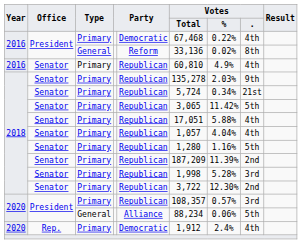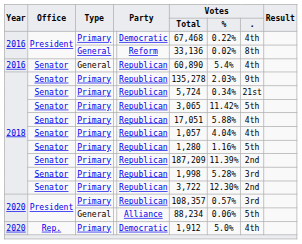 <table class="wikitable" style="font-size:90%; text-align:center;">
 <tr>
 <th style="background-color:#EAECF0;" rowspan=2>Year</th>
 <th style="background-color:#EAECF0;" rowspan=2>Office</th>
 <th style="background-color:#EAECF0;" rowspan=2>Type</th>
 <th style="background-color:#EAECF0;" colspan=2 rowspan=2>Party</th>
 <th style="background-color:#EAECF0;" colspan=3>Votes</th>
 <th style="background-color:#EAECF0;" rowspan=2>Result</th>
 </tr>
 <tr>
 <th style="background-color:#EAECF0;">Total</th>
 <th style="background-color:#EAECF0;">%</th>
 <th style="background-color:#EAECF0;">.</th>
 </tr>
 <tr>
 <td style="background-color:#EAECF0;" rowspan=2><a href='#'>2016</a></td>
 <td rowspan=2><a href='#'>President</a></td>
 <td><a href='#'>Primary</a></td>
 <td style="background-color:"></td>
 <td><a href='#'>Democratic</a></td>
 <td>67,468</td>
 <td>0.22%</td>
 <td>4th</td>
 <td></td>
 </tr>
 <tr>
 <td><a href='#'>General</a></td>
 <td style="background-color:"></td>
 <td><a href='#'>Reform</a></td>
 <td>33,136</td>
 <td>0.02%</td>
 <td>8th</td>
 <td></td>
 </tr>
 <tr>
 <td style="background-color:#EAECF0;"><a href='#'>2016</a></td>
 <td><a href='#'>Senator</a></td>
-<td>Primary</td>
+<td>General</td>
 <td style="background-color:"></td>
 <td><a href='#'>Republican</a></td>
-<td>60,810</td>
-<td>4.9%</td>
+<td>60,890</td>
+<td>5.4%</td>
 <td>4th</td>
 <td></td>
 </tr>
 <tr>
 <td style="background-color:#EAECF0;" rowspan=9><a href='#'>2018</a></td>
 <td><a href='#'>Senator</a></td>
 <td><a href='#'>Primary</a></td>
 <td style="background-color:"></td>
 <td><a href='#'>Republican</a></td>
 <td>135,278</td>
 <td>2.03%</td>
 <td>9th</td>
 <td></td>
 </tr>
 <tr>
 <td><a href='#'>Senator</a></td>
 <td><a href='#'>Primary</a></td>
 <td style="background-color:"></td>
 <td><a href='#'>Republican</a></td>
 <td>5,724</td>
 <td>0.34%</td>
 <td>21st</td>
 <td></td>
 </tr>
 <tr>
 <td><a href='#'>Senator</a></td>
 <td><a href='#'>Primary</a></td>
 <td style="background-color:"></td>
 <td><a href='#'>Republican</a></td>
 <td>3,065</td>
 <td>11.42%</td>
 <td>5th</td>
 <td></td>
 </tr>
 <tr>
 <td><a href='#'>Senator</a></td>
 <td><a href='#'>Primary</a></td>
 <td style="background-color:"></td>
 <td><a href='#'>Republican</a></td>
 <td>17,051</td>
 <td>5.88%</td>
 <td>4th</td>
 <td></td>
 </tr>
 <tr>
 <td><a href='#'>Senator</a></td>
 <td><a href='#'>Primary</a></td>
 <td style="background-color:"></td>
 <td><a href='#'>Republican</a></td>
 <td>1,057</td>
 <td>4.04%</td>
 <td>4th</td>
 <td></td>
 </tr>
 <tr>
 <td><a href='#'>Senator</a></td>
 <td><a href='#'>Primary</a></td>
 <td style="background-color:"></td>
 <td><a href='#'>Republican</a></td>
 <td>1,280</td>
 <td>1.16%</td>
 <td>5th</td>
 <td></td>
 </tr>
 <tr>
 <td><a href='#'>Senator</a></td>
 <td><a href='#'>Primary</a></td>
 <td style="background-color:"></td>
 <td><a href='#'>Republican</a></td>
 <td>187,209</td>
 <td>11.39%</td>
 <td>2nd</td>
 <td></td>
 </tr>
 <tr>
 <td><a href='#'>Senator</a></td>
 <td><a href='#'>Primary</a></td>
 <td style="background-color:"></td>
 <td><a href='#'>Republican</a></td>
 <td>1,998</td>
 <td>5.28%</td>
 <td>3rd</td>
 <td></td>
 </tr>
 <tr>
 <td><a href='#'>Senator</a></td>
 <td><a href='#'>Primary</a></td>
 <td style="background-color:"></td>
 <td><a href='#'>Republican</a></td>
 <td>3,722</td>
 <td>12.30%</td>
 <td>2nd</td>
 <td></td>
 </tr>
 <tr>
 <td style="background-color:#EAECF0;" rowspan=2><a href='#'>2020</a></td>
 <td rowspan=2><a href='#'>President</a></td>
 <td><a href='#'>Primary</a></td>
 <td style="background-color:"></td>
 <td><a href='#'>Republican</a></td>
 <td>108,357</td>
 <td>0.57%</td>
 <td>3rd</td>
 <td></td>
 </tr>
 <tr>
 <td>General</td>
 <td style="background-color:"></td>
 <td><a href='#'>Alliance</a></td>
 <td>88,234</td>
 <td>0.06%</td>
 <td>5th</td>
 <td></td>
 </tr>
 <tr>
 <td style="background-color:#EAECF0;"><a href='#'>2020</a></td>
 <td><a href='#'>Rep.</a></td>
 <td><a href='#'>Primary</a></td>
 <td style="background-color:"></td>
 <td><a href='#'>Democratic</a></td>
 <td>1,912</td>
-<td>2.4%</td>
+<td>5.0%</td>
 <td>4th</td>
 <td></td>
 </tr>
 <tr>
 <td style="background-color:#EAECF0;" colspan=9></td>
 </tr>
 </table>
